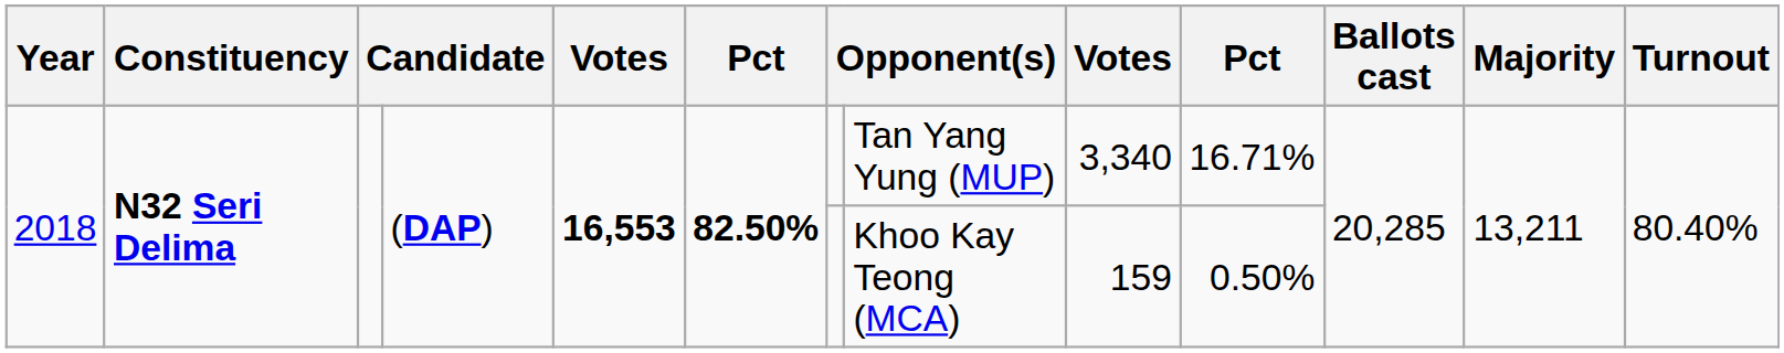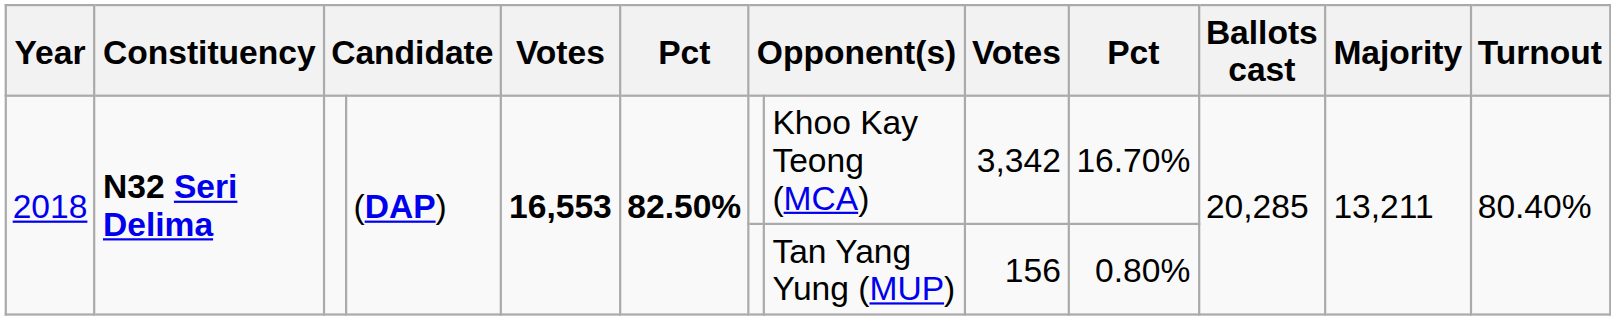 <table class="wikitable" style="margin:0.5em ; font-size:95%">
 <tr>
 <th>Year</th>
 <th>Constituency</th>
 <th colspan=2>Candidate</th>
 <th>Votes</th>
 <th>Pct</th>
 <th colspan=2>Opponent(s)</th>
 <th>Votes</th>
 <th>Pct</th>
 <th>Ballots cast</th>
 <th>Majority</th>
 <th>Turnout</th>
 </tr>
 <tr>
 <td rowspan=2><a href='#'>2018</a></td>
 <td rowspan=2><strong>N32 <a href='#'>Seri Delima</a></strong></td>
 <td rowspan=2 ></td>
 <td rowspan=2> (<a href='#'><strong>DAP</strong></a>)</td>
 <td rowspan=2 align="right"><strong>16,553</strong></td>
 <td rowspan=2><strong>82.50%</strong></td>
 <td></td>
-<td>Tan Yang Yung (<a href='#'>MUP</a>)</td>
-<td align="right">3,340</td>
-<td>16.71%</td>
+<td>Khoo Kay Teong (<a href='#'>MCA</a>)</td>
+<td align="right">3,342</td>
+<td>16.70%</td>
 <td rowspan=2>20,285</td>
 <td rowspan=2>13,211</td>
 <td rowspan=2>80.40%</td>
 </tr>
 <tr>
 <td style="background-color: "></td>
-<td>Khoo Kay Teong (<a href='#'>MCA</a>)</td>
-<td align="right">159</td>
-<td align=right>0.50%</td>
+<td>Tan Yang Yung (<a href='#'>MUP</a>)</td>
+<td align="right">156</td>
+<td align=right>0.80%</td>
 </tr>
 </table>
